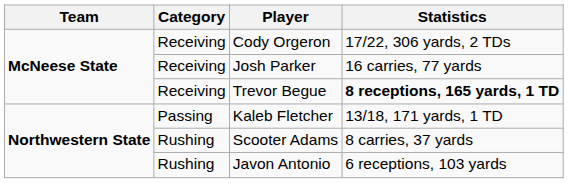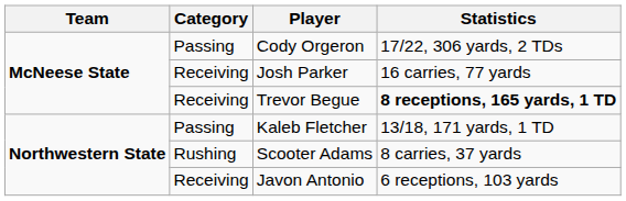 <table class="wikitable" style="float: left;">
 <tr>
 <th>Team</th>
 <th>Category</th>
 <th>Player</th>
 <th>Statistics</th>
 </tr>
 <tr>
 <td rowspan=3><strong>McNeese State</strong></td>
-<td>Receiving</td>
+<td>Passing</td>
 <td>Cody Orgeron</td>
 <td>17/22, 306 yards, 2 TDs</td>
 </tr>
 <tr>
 <td>Receiving</td>
 <td>Josh Parker</td>
 <td>16 carries, 77 yards</td>
 </tr>
 <tr>
 <td>Receiving</td>
 <td>Trevor Begue</td>
 <td><strong>8 receptions, 165 yards, 1 TD</strong></td>
 </tr>
 <tr>
 <td rowspan=3><strong>Northwestern State</strong></td>
 <td>Passing</td>
 <td>Kaleb Fletcher</td>
 <td>13/18, 171 yards, 1 TD</td>
 </tr>
 <tr>
 <td>Rushing</td>
 <td>Scooter Adams</td>
 <td>8 carries, 37 yards</td>
 </tr>
 <tr>
-<td>Rushing</td>
+<td>Receiving</td>
 <td>Javon Antonio</td>
 <td>6 receptions, 103 yards</td>
 </tr>
 </table>
